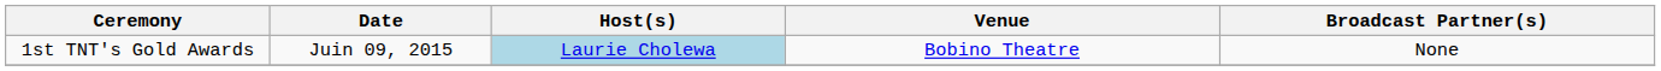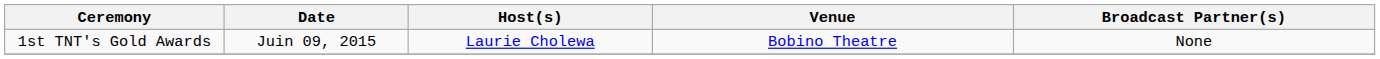 <table class="sortable wikitable" style="text-align: center">
 <tr>
 <th data-sort-type="number" style="width:180px;">Ceremony</th>
 <th style="width:150px;">Date</th>
 <th style="width:200px;">Host(s)</th>
 <th style="width:300px;">Venue</th>
 <th style="width:300px;">Broadcast Partner(s)</th>
 </tr>
 <tr>
 <td>1st TNT's Gold Awards</td>
 <td>Juin 09, 2015</td>
-<td style="background: lightblue;"><a href='#'>Laurie Cholewa</a></td>
+<td><a href='#'>Laurie Cholewa</a></td>
 <td><a href='#'>Bobino Theatre</a></td>
 <td>None</td>
 </tr>
 <tr>
 </tr>
 </table>
